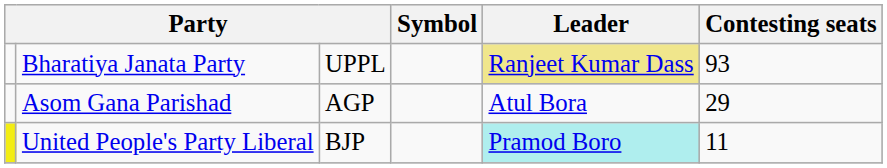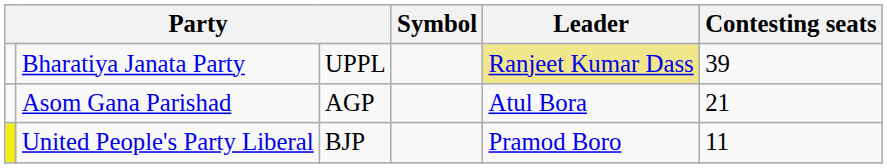 <table class="wikitable">
 <tr>
 <th colspan="3">Party</th>
 <th>Symbol</th>
 <th>Leader</th>
 <th>Contesting seats</th>
 </tr>
 <tr>
 <td ! style="text-align:center; background:"></td>
 <td><a href='#'>Bharatiya Janata Party</a></td>
 <td>UPPL</td>
 <td></td>
 <td style="background: khaki;"><a href='#'>Ranjeet Kumar Dass</a></td>
-<td>93</td>
+<td>39</td>
 </tr>
 <tr>
 <td ! style="text-align:center; background:"></td>
 <td><a href='#'>Asom Gana Parishad</a></td>
 <td>AGP</td>
 <td></td>
 <td><a href='#'>Atul Bora</a></td>
-<td>29</td>
+<td>21</td>
 </tr>
 <tr>
 <td ! style="text-align:center; background:#F3ED13;color:black"></td>
 <td><a href='#'>United People's Party Liberal</a></td>
 <td>BJP</td>
 <td></td>
-<td style="background: paleturquoise;"><a href='#'>Pramod Boro</a></td>
+<td><a href='#'>Pramod Boro</a></td>
 <td>11</td>
 </tr>
 </table>
